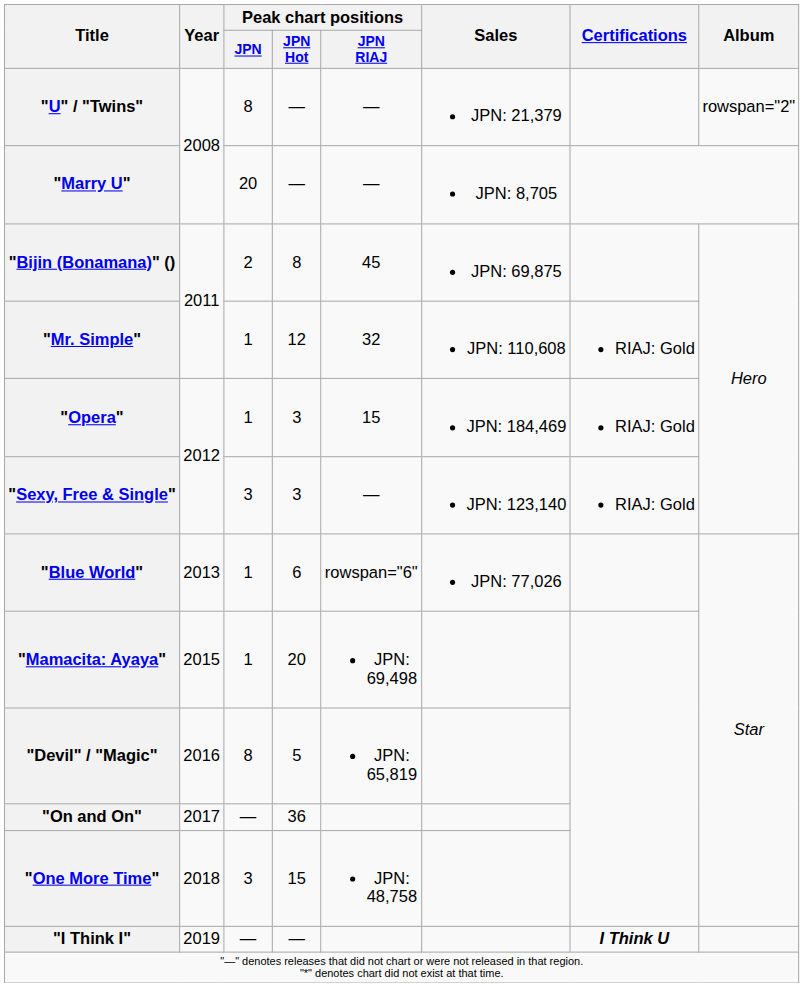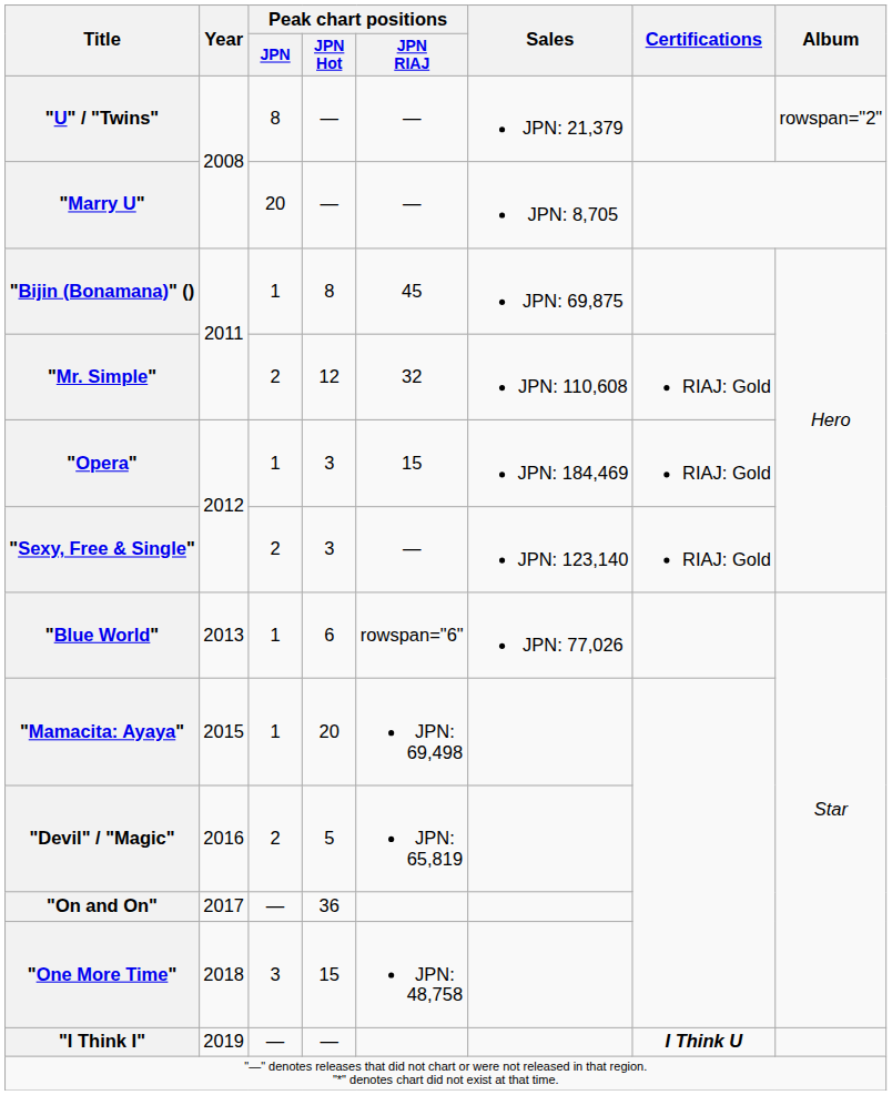 <table class="wikitable plainrowheaders" style="text-align:center;">
 <tr>
 <th scope="col" rowspan="2">Title</th>
 <th scope="col" rowspan="2">Year</th>
 <th scope="col" colspan="3">Peak chart positions</th>
 <th scope="col" rowspan="2">Sales</th>
 <th scope="col" rowspan="2"><a href='#'>Certifications</a></th>
 <th scope="col" rowspan="2">Album</th>
 </tr>
 <tr>
 <th style="width:3em;font-size:85%"><a href='#'>JPN</a></th>
 <th style="width:3em;font-size:85%"><a href='#'>JPN<br>Hot</a></th>
 <th style="width:3em;font-size:85%"><a href='#'>JPN<br>RIAJ</a></th>
 </tr>
 <tr>
 <th scope="row">"<a href='#'>U</a>" / "Twins"</th>
 <td rowspan="2">2008</td>
 <td>8</td>
 <td>—</td>
 <td>—</td>
 <td><br><ul><li>JPN: 21,379</li></ul></td>
 <td></td>
 <td>rowspan="2" </td>
 </tr>
 <tr>
 <th scope="row">"<a href='#'>Marry U</a>"</th>
 <td>20</td>
 <td>—</td>
 <td>—</td>
 <td><br><ul><li>JPN: 8,705</li></ul></td>
 </tr>
 <tr>
 <th scope="row">"<a href='#'>Bijin (Bonamana)</a>" ()</th>
 <td rowspan="2">2011</td>
-<td>2</td>
+<td>1</td>
 <td>8</td>
 <td>45</td>
 <td><br><ul><li>JPN: 69,875</li></ul></td>
 <td></td>
 <td rowspan="4"><em>Hero</em></td>
 </tr>
 <tr>
 <th scope="row">"<a href='#'>Mr. Simple</a>"</th>
-<td>1</td>
+<td>2</td>
 <td>12</td>
 <td>32</td>
 <td><br><ul><li>JPN: 110,608</li></ul></td>
 <td><br><ul><li>RIAJ: Gold </li></ul></td>
 </tr>
 <tr>
 <th scope="row">"<a href='#'>Opera</a>"</th>
 <td rowspan="2">2012</td>
 <td>1</td>
 <td>3</td>
 <td>15</td>
 <td><br><ul><li>JPN: 184,469</li></ul></td>
 <td><br><ul><li>RIAJ: Gold </li></ul></td>
 </tr>
 <tr>
 <th scope="row">"<a href='#'>Sexy, Free & Single</a>"</th>
-<td>3</td>
+<td>2</td>
 <td>3</td>
 <td>—</td>
 <td><br><ul><li>JPN: 123,140</li></ul></td>
 <td><br><ul><li>RIAJ: Gold </li></ul></td>
 </tr>
 <tr>
 <th scope="row">"<a href='#'>Blue World</a>"</th>
 <td>2013</td>
 <td>1</td>
 <td>6</td>
 <td>rowspan="6" </td>
 <td><br><ul><li>JPN: 77,026</li></ul></td>
 <td></td>
 <td rowspan="5"><em>Star</em></td>
 </tr>
 <tr>
 <th scope="row">"<a href='#'>Mamacita: Ayaya</a>"</th>
 <td>2015</td>
 <td>1</td>
 <td>20</td>
 <td><br><ul><li>JPN: 69,498</li></ul></td>
 <td></td>
 </tr>
 <tr>
 <th scope="row">"Devil" / "Magic"</th>
 <td>2016</td>
-<td>8</td>
+<td>2</td>
 <td>5</td>
 <td><br><ul><li>JPN: 65,819</li></ul></td>
 <td></td>
 </tr>
 <tr>
 <th scope="row">"On and On"</th>
 <td>2017</td>
 <td>—</td>
 <td>36</td>
 <td></td>
 <td></td>
 </tr>
 <tr>
 <th scope="row">"<a href='#'>One More Time</a>"</th>
 <td>2018</td>
 <td>3</td>
 <td>15</td>
 <td><br><ul><li>JPN: 48,758</li></ul></td>
 <td></td>
 </tr>
 <tr>
 <th scope="row">"I Think I"</th>
 <td>2019</td>
 <td>—</td>
 <td>—</td>
 <td></td>
 <td></td>
 <td><strong><em>I Think U</em></strong></td>
 </tr>
 <tr>
 <td colspan="11" style="text-align:center; font-size:8pt;">"—" denotes releases that did not chart or were not released in that region.<br>"*" denotes chart did not exist at that time.</td>
 </tr>
 </table>
